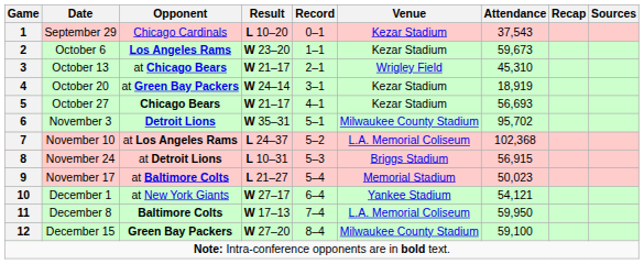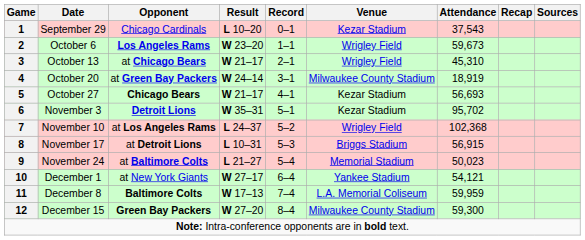 <table class="wikitable" style="text-align:center">
 <tr>
 <th>Game</th>
 <th>Date</th>
 <th>Opponent</th>
 <th>Result</th>
 <th>Record</th>
 <th>Venue</th>
 <th>Attendance</th>
 <th>Recap</th>
 <th>Sources</th>
 </tr>
 <tr style="background:#fcc">
 <th>1</th>
 <td>September 29</td>
 <td><a href='#'>Chicago Cardinals</a></td>
 <td><strong>L</strong> 10–20</td>
 <td>0–1</td>
 <td><a href='#'>Kezar Stadium</a></td>
 <td>37,543</td>
 <td></td>
 <td></td>
 </tr>
 <tr style="background:#cfc">
 <th>2</th>
 <td>October 6</td>
 <td><strong><a href='#'>Los Angeles Rams</a></strong></td>
 <td><strong>W</strong> 23–20</td>
 <td>1–1</td>
-<td>Kezar Stadium</td>
+<td><a href='#'>Wrigley Field</a></td>
 <td>59,673</td>
 <td></td>
 <td></td>
 </tr>
 <tr style="background:#cfc">
 <th>3</th>
 <td>October 13</td>
 <td>at <strong><a href='#'>Chicago Bears</a></strong></td>
 <td><strong>W</strong> 21–17</td>
 <td>2–1</td>
 <td><a href='#'>Wrigley Field</a></td>
 <td>45,310</td>
 <td></td>
 <td></td>
 </tr>
 <tr style="background:#cfc">
 <th>4</th>
 <td>October 20</td>
 <td>at <strong><a href='#'>Green Bay Packers</a></strong></td>
 <td><strong>W</strong> 24–14</td>
 <td>3–1</td>
-<td>Kezar Stadium</td>
+<td><a href='#'>Milwaukee County Stadium</a></td>
 <td>18,919</td>
 <td></td>
 <td></td>
 </tr>
 <tr style="background:#cfc">
 <th>5</th>
 <td>October 27</td>
 <td><strong>Chicago Bears</strong></td>
 <td><strong>W</strong> 21–17</td>
 <td>4–1</td>
 <td>Kezar Stadium</td>
 <td>56,693</td>
 <td></td>
 <td></td>
 </tr>
 <tr style="background:#cfc">
 <th>6</th>
 <td>November 3</td>
 <td><strong><a href='#'>Detroit Lions</a></strong></td>
 <td><strong>W</strong> 35–31</td>
 <td>5–1</td>
-<td><a href='#'>Milwaukee County Stadium</a></td>
+<td>Kezar Stadium</td>
 <td>95,702</td>
 <td></td>
 <td></td>
 </tr>
 <tr style="background:#fcc">
 <th>7</th>
 <td>November 10</td>
 <td>at <strong>Los Angeles Rams</strong></td>
 <td><strong>L</strong> 24–37</td>
 <td>5–2</td>
-<td><a href='#'>L.A. Memorial Coliseum</a></td>
+<td><a href='#'>Wrigley Field</a></td>
 <td>102,368</td>
 <td></td>
 <td></td>
 </tr>
 <tr style="background:#fcc">
 <th>8</th>
-<td>November 24</td>
+<td>November 17</td>
 <td>at <strong>Detroit Lions</strong></td>
 <td><strong>L</strong> 10–31</td>
 <td>5–3</td>
 <td><a href='#'>Briggs Stadium</a></td>
 <td>56,915</td>
 <td></td>
 <td></td>
 </tr>
 <tr style="background:#fcc">
 <th>9</th>
-<td>November 17</td>
+<td>November 24</td>
 <td>at <strong><a href='#'>Baltimore Colts</a></strong></td>
 <td><strong>L</strong> 21–27</td>
 <td>5–4</td>
 <td><a href='#'>Memorial Stadium</a></td>
 <td>50,023</td>
 <td></td>
 <td></td>
 </tr>
 <tr style="background:#cfc">
 <th>10</th>
 <td>December 1</td>
 <td>at <a href='#'>New York Giants</a></td>
 <td><strong>W</strong> 27–17</td>
 <td>6–4</td>
 <td><a href='#'>Yankee Stadium</a></td>
 <td>54,121</td>
 <td></td>
 <td></td>
 </tr>
 <tr style="background:#cfc">
 <th>11</th>
 <td>December 8</td>
 <td><strong>Baltimore Colts</strong></td>
 <td><strong>W</strong> 17–13</td>
 <td>7–4</td>
 <td><a href='#'>L.A. Memorial Coliseum</a></td>
-<td>59,950</td>
+<td>59,959</td>
 <td></td>
 <td></td>
 </tr>
 <tr style="background:#cfc">
 <th>12</th>
 <td>December 15</td>
 <td><strong>Green Bay Packers</strong></td>
 <td><strong>W</strong> 27–20</td>
 <td>8–4</td>
 <td><a href='#'>Milwaukee County Stadium</a></td>
-<td>59,100</td>
+<td>59,300</td>
 <td></td>
 <td></td>
 </tr>
 <tr>
 <td colspan="10"><strong>Note:</strong> Intra-conference opponents are in <strong>bold</strong> text.</td>
 </tr>
 </table>
